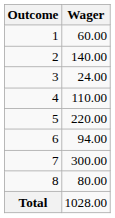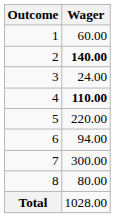 <table class="wikitable" style="text-align: right">
 <tr>
 <th scope=col style="text-align:center;">Outcome</th>
 <th scope=col style="text-align:center;">Wager</th>
 </tr>
 <tr>
 <td>1</td>
 <td>60.00</td>
 </tr>
 <tr>
 <td>2</td>
-<td>140.00</td>
+<td><strong>140.00</strong></td>
 </tr>
 <tr>
 <td>3</td>
 <td>24.00</td>
 </tr>
 <tr>
 <td>4</td>
-<td>110.00</td>
+<td><strong>110.00</strong></td>
 </tr>
 <tr>
 <td>5</td>
 <td>220.00</td>
 </tr>
 <tr>
 <td>6</td>
 <td>94.00</td>
 </tr>
 <tr>
 <td>7</td>
 <td>300.00</td>
 </tr>
 <tr>
 <td>8</td>
 <td>80.00</td>
 </tr>
 <tr>
 <th scope=row>Total</th>
 <td>1028.00</td>
 </tr>
 </table>
